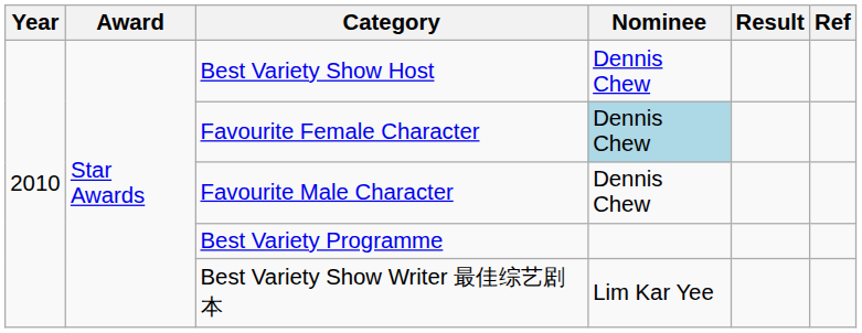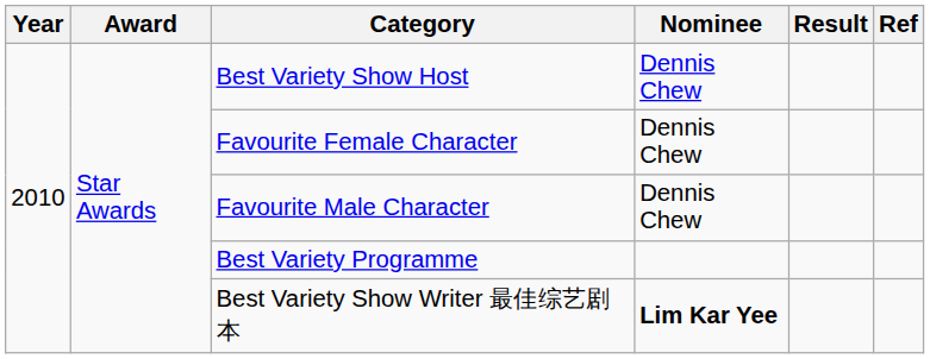 <table class="wikitable">
 <tr>
 <th>Year</th>
 <th>Award</th>
 <th>Category</th>
 <th>Nominee</th>
 <th>Result</th>
 <th>Ref</th>
 </tr>
 <tr>
 <td rowspan="5">2010</td>
 <td rowspan="5"><a href='#'>Star Awards</a></td>
 <td><a href='#'>Best Variety Show Host</a></td>
 <td><a href='#'>Dennis Chew</a></td>
 <td></td>
 <td></td>
 </tr>
 <tr>
 <td><a href='#'>Favourite Female Character</a></td>
-<td style="background: lightblue;">Dennis Chew</td>
+<td>Dennis Chew</td>
 <td></td>
 <td></td>
 </tr>
 <tr>
 <td><a href='#'>Favourite Male Character</a></td>
 <td>Dennis Chew</td>
 <td></td>
 <td></td>
 </tr>
 <tr>
 <td><a href='#'>Best Variety Programme</a></td>
 <td></td>
 <td></td>
 <td></td>
 </tr>
 <tr>
 <td>Best Variety Show Writer 最佳综艺剧本</td>
-<td>Lim Kar Yee</td>
+<td><strong>Lim Kar Yee</strong></td>
 <td></td>
 <td></td>
 </tr>
 </table>
